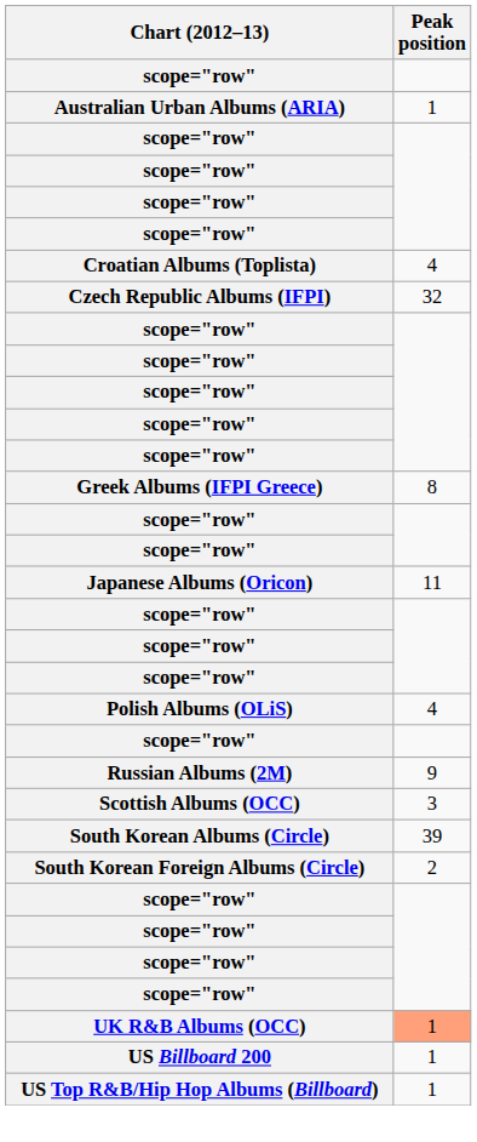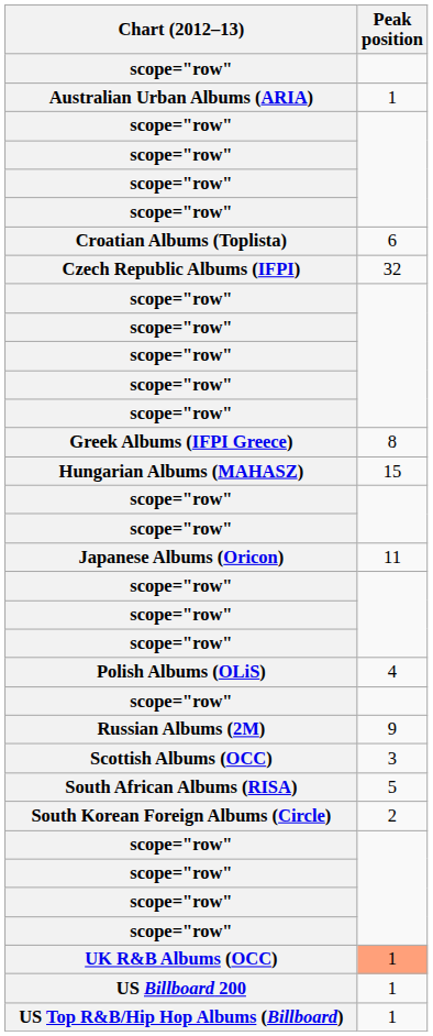 <table class="wikitable plainrowheaders sortable" style="text-align:center;">
 <tr>
 <th scope="col" style="width:19em;">Chart (2012–13)</th>
 <th scope="col">Peak<br>position</th>
 </tr>
 <tr>
 <th>scope="row" </th>
 </tr>
 <tr>
 <th scope="row">Australian Urban Albums (<a href='#'>ARIA</a>)</th>
 <td>1</td>
 </tr>
 <tr>
 <th>scope="row" </th>
 </tr>
 <tr>
 <th>scope="row" </th>
 </tr>
 <tr>
 <th>scope="row" </th>
 </tr>
 <tr>
 <th>scope="row" </th>
 </tr>
 <tr>
 <th scope="row">Croatian Albums (Toplista)</th>
-<td>4</td>
+<td>6</td>
 </tr>
 <tr>
 <th scope="row">Czech Republic Albums (<a href='#'>IFPI</a>)</th>
 <td>32</td>
 </tr>
 <tr>
 <th>scope="row" </th>
 </tr>
 <tr>
 <th>scope="row" </th>
 </tr>
 <tr>
 <th>scope="row" </th>
 </tr>
 <tr>
 <th>scope="row" </th>
 </tr>
 <tr>
 <th>scope="row" </th>
 </tr>
 <tr>
 <th scope="row">Greek Albums (<a href='#'>IFPI Greece</a>)</th>
 <td>8</td>
+</tr>
+<tr>
+<th scope="row">Hungarian Albums (<a href='#'>MAHASZ</a>)</th>
+<td>15</td>
 </tr>
 <tr>
 <th>scope="row" </th>
 </tr>
 <tr>
 <th>scope="row" </th>
 </tr>
 <tr>
 <th scope="row">Japanese Albums (<a href='#'>Oricon</a>)</th>
 <td>11</td>
 </tr>
 <tr>
 <th>scope="row" </th>
 </tr>
 <tr>
 <th>scope="row" </th>
 </tr>
 <tr>
 <th>scope="row" </th>
 </tr>
 <tr>
 <th scope="row">Polish Albums (<a href='#'>OLiS</a>)</th>
 <td>4</td>
 </tr>
 <tr>
 <th>scope="row" </th>
 </tr>
 <tr>
 <th scope="row">Russian Albums (<a href='#'>2M</a>)</th>
 <td>9</td>
 </tr>
 <tr>
 <th scope="row">Scottish Albums (<a href='#'>OCC</a>)</th>
 <td>3</td>
 </tr>
 <tr>
-<th scope="row">South Korean Albums (<a href='#'>Circle</a>)</th>
-<td>39</td>
+<th scope="row">South African Albums (<a href='#'>RISA</a>)</th>
+<td>5</td>
 </tr>
 <tr>
 <th scope="row">South Korean Foreign Albums (<a href='#'>Circle</a>)</th>
 <td>2</td>
 </tr>
 <tr>
 <th>scope="row" </th>
 </tr>
 <tr>
 <th>scope="row" </th>
 </tr>
 <tr>
 <th>scope="row" </th>
 </tr>
 <tr>
 <th>scope="row" </th>
 </tr>
 <tr>
 <th scope="row"><a href='#'>UK R&B Albums</a> (<a href='#'>OCC</a>)</th>
 <td style="background: lightsalmon;">1</td>
 </tr>
 <tr>
 <th scope="row">US <a href='#'><em>Billboard</em> 200</a></th>
 <td>1</td>
 </tr>
 <tr>
 <th scope="row">US <a href='#'>Top R&B/Hip Hop Albums</a> (<em><a href='#'>Billboard</a></em>)</th>
 <td>1</td>
 </tr>
 </table>
